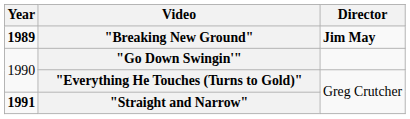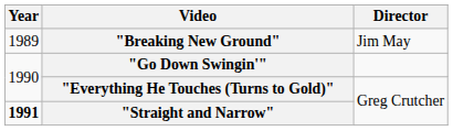 <table class="wikitable plainrowheaders">
 <tr>
 <th>Year</th>
 <th style="width:20em;">Video</th>
 <th>Director</th>
 </tr>
 <tr>
-<td><strong>1989</strong></td>
+<td>1989</td>
 <th scope="row">"Breaking New Ground"</th>
-<td><strong>Jim May</strong></td>
+<td>Jim May</td>
 </tr>
 <tr>
 <td rowspan="2">1990</td>
 <th scope="row">"Go Down Swingin'"</th>
 <td></td>
 </tr>
 <tr>
 <th scope="row">"Everything He Touches (Turns to Gold)"</th>
 <td rowspan="2">Greg Crutcher</td>
 </tr>
 <tr>
 <td><strong>1991</strong></td>
 <th scope="row">"Straight and Narrow"</th>
 </tr>
 </table>
